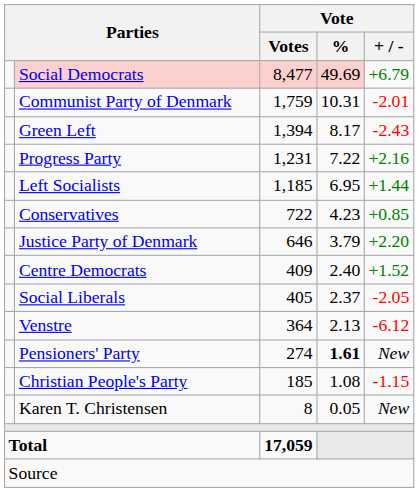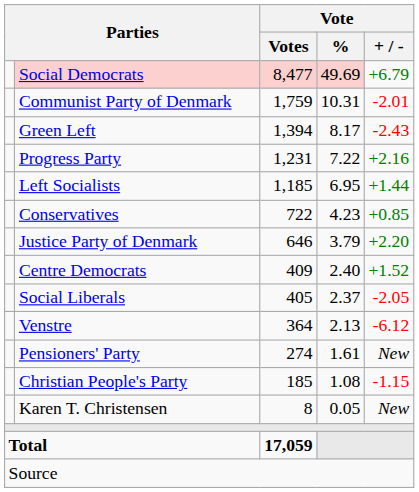 <table class="wikitable" style="text-align:right;">
 <tr>
 <th style="text-align:centre;" rowspan="2" colspan="2" width="225">Parties</th>
 <th colspan="3">Vote</th>
 </tr>
 <tr>
 <th width="15">Votes</th>
 <th width="15">%</th>
 <th width="15">+ / -</th>
 </tr>
 <tr>
 <td width="2" style="color:inherit;background:"></td>
 <td bgcolor=#fbd0ce  align="left"><a href='#'>Social Democrats</a></td>
 <td bgcolor=#fbd0ce>8,477</td>
 <td bgcolor=#fbd0ce>49.69</td>
 <td style=color:green;>+6.79</td>
 </tr>
 <tr>
 <td width="2" style="color:inherit;background:"></td>
 <td align="left"><a href='#'>Communist Party of Denmark</a></td>
 <td>1,759</td>
 <td>10.31</td>
 <td style=color:red;>-2.01</td>
 </tr>
 <tr>
 <td width="2" style="color:inherit;background:"></td>
 <td align="left"><a href='#'>Green Left</a></td>
 <td>1,394</td>
 <td>8.17</td>
 <td style=color:red;>-2.43</td>
 </tr>
 <tr>
 <td width="2" style="color:inherit;background:"></td>
 <td align="left"><a href='#'>Progress Party</a></td>
 <td>1,231</td>
 <td>7.22</td>
 <td style=color:green;>+2.16</td>
 </tr>
 <tr>
 <td width="2" style="color:inherit;background:"></td>
 <td align="left"><a href='#'>Left Socialists</a></td>
 <td>1,185</td>
 <td>6.95</td>
 <td style=color:green;>+1.44</td>
 </tr>
 <tr>
 <td width="2" style="color:inherit;background:"></td>
 <td align="left"><a href='#'>Conservatives</a></td>
 <td>722</td>
 <td>4.23</td>
 <td style=color:green;>+0.85</td>
 </tr>
 <tr>
 <td width="2" style="color:inherit;background:"></td>
 <td align="left"><a href='#'>Justice Party of Denmark</a></td>
 <td>646</td>
 <td>3.79</td>
 <td style=color:green;>+2.20</td>
 </tr>
 <tr>
 <td width="2" style="color:inherit;background:"></td>
 <td align="left"><a href='#'>Centre Democrats</a></td>
 <td>409</td>
 <td>2.40</td>
 <td style=color:green;>+1.52</td>
 </tr>
 <tr>
 <td width="2" style="color:inherit;background:"></td>
 <td align="left"><a href='#'>Social Liberals</a></td>
 <td>405</td>
 <td>2.37</td>
 <td style=color:red;>-2.05</td>
 </tr>
 <tr>
 <td width="2" style="color:inherit;background:"></td>
 <td align="left"><a href='#'>Venstre</a></td>
 <td>364</td>
 <td>2.13</td>
 <td style=color:red;>-6.12</td>
 </tr>
 <tr>
 <td width="2" style="color:inherit;background:"></td>
 <td align="left"><a href='#'>Pensioners' Party</a></td>
 <td>274</td>
-<td><strong>1.61</strong></td>
+<td>1.61</td>
 <td><em>New</em></td>
 </tr>
 <tr>
 <td width="2" style="color:inherit;background:"></td>
 <td align="left"><a href='#'>Christian People's Party</a></td>
 <td>185</td>
 <td>1.08</td>
 <td style=color:red;>-1.15</td>
 </tr>
 <tr>
 <td width="2" style="color:inherit;background:"></td>
 <td align="left">Karen T. Christensen</td>
 <td>8</td>
 <td>0.05</td>
 <td><em>New</em></td>
 </tr>
 <tr>
 <td colspan="7" bgcolor="#E9E9E9"></td>
 </tr>
 <tr>
 <td align="left" colspan="2"><strong>Total</strong></td>
 <td><strong>17,059</strong></td>
 <td bgcolor="#E9E9E9" colspan="2"></td>
 </tr>
 <tr>
 <td align="left" colspan="6">Source</td>
 </tr>
 </table>
